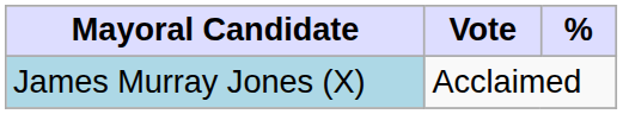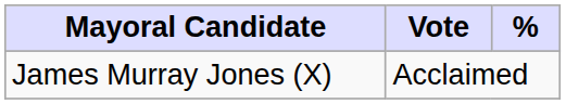 <table class="wikitable">
 <tr>
 <th style="background:#ddf; width:200px;">Mayoral Candidate </th>
 <th style="background:#ddf; width:50px;">Vote</th>
 <th style="background:#ddf; width:30px;">%</th>
 </tr>
 <tr>
-<td style="background: lightblue;">James Murray Jones (X)</td>
+<td>James Murray Jones (X)</td>
 <td colspan="2">Acclaimed</td>
 </tr>
 </table>
